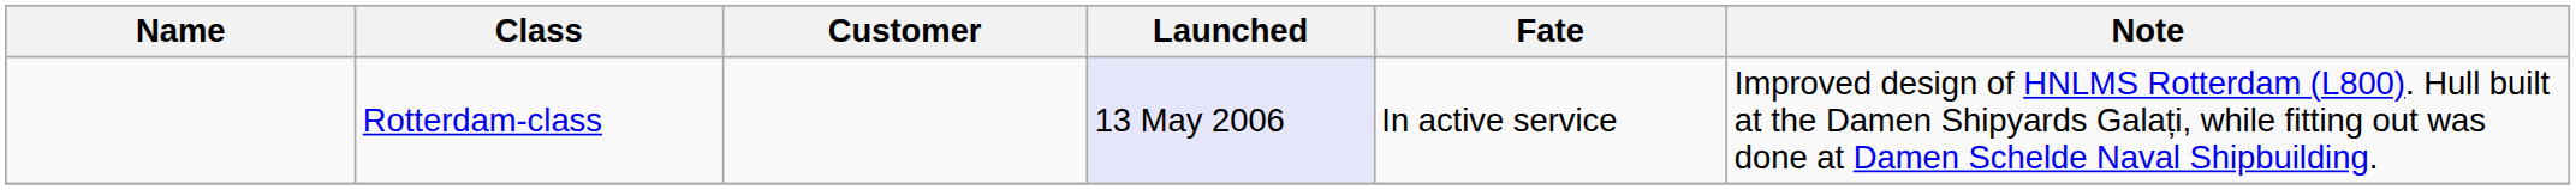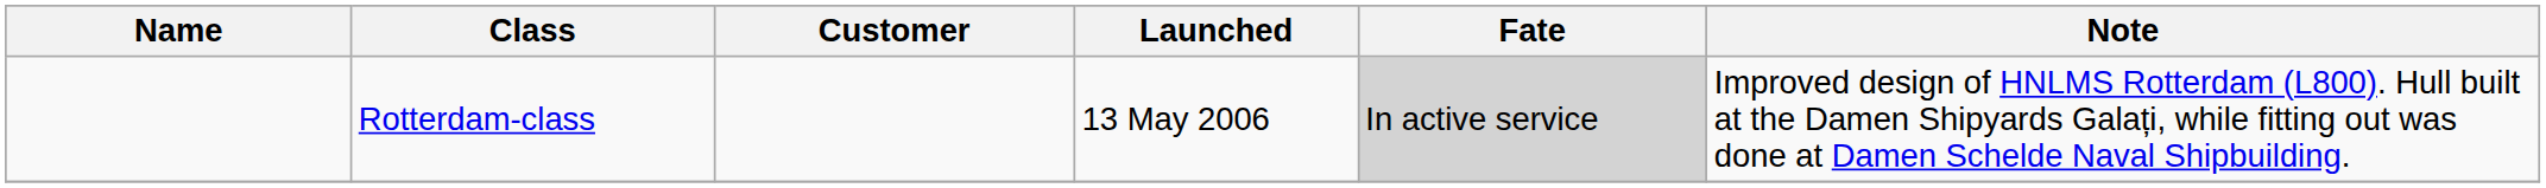 <table class="wikitable mw-collapsible mw-collapsed">
 <tr>
 <th width="200">Name</th>
 <th width="200">Class</th>
 <th width="200">Customer</th>
 <th width="150">Launched</th>
 <th width="200">Fate</th>
 <th width="500">Note</th>
 </tr>
 <tr>
 <td></td>
 <td><a href='#'>Rotterdam-class</a></td>
 <td></td>
-<td style="background: lavender;">13 May 2006</td>
-<td>In active service</td>
+<td>13 May 2006</td>
+<td style="background: lightgrey;">In active service</td>
 <td>Improved design of <a href='#'>HNLMS Rotterdam (L800)</a>. Hull built at the Damen Shipyards Galați, while fitting out was done at <a href='#'>Damen Schelde Naval Shipbuilding</a>.</td>
 </tr>
 <tr>
 </tr>
 </table>
